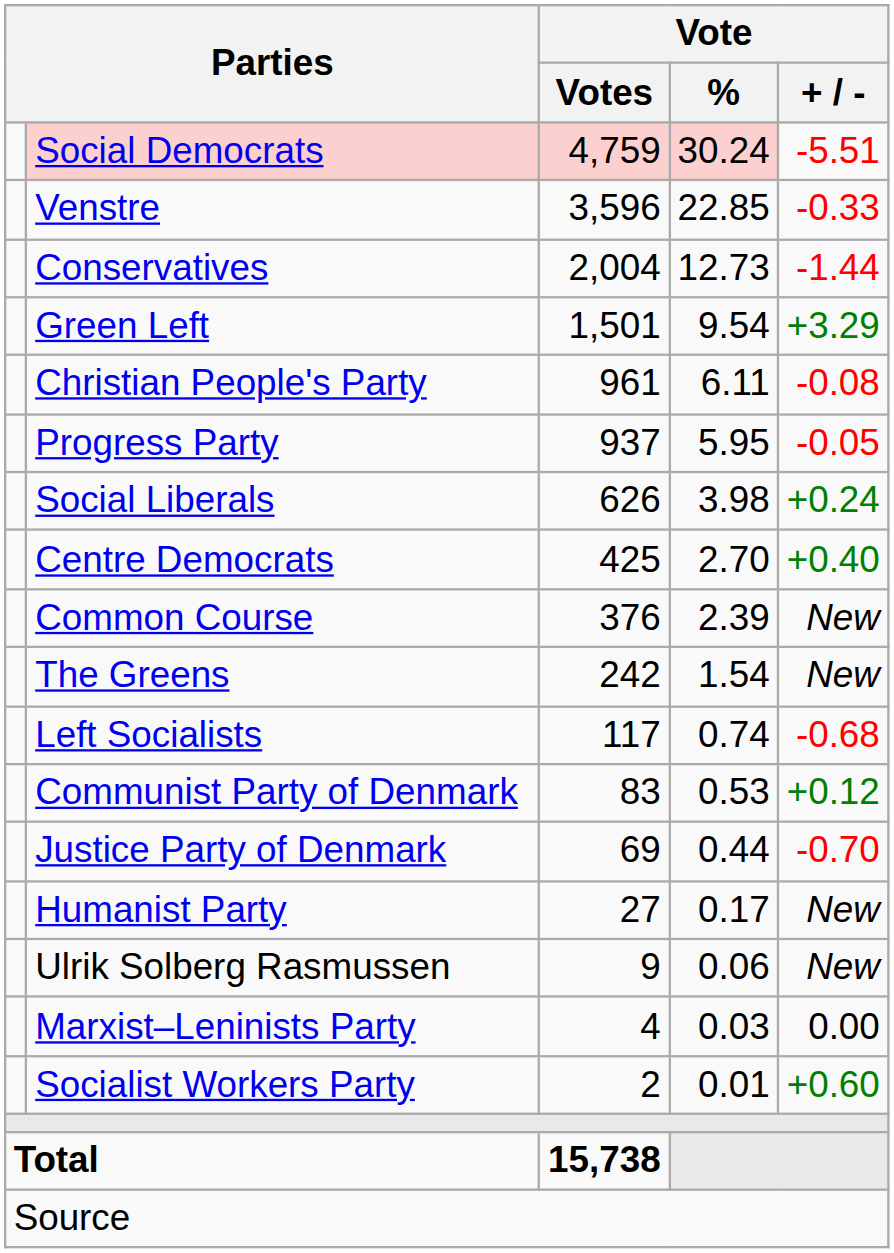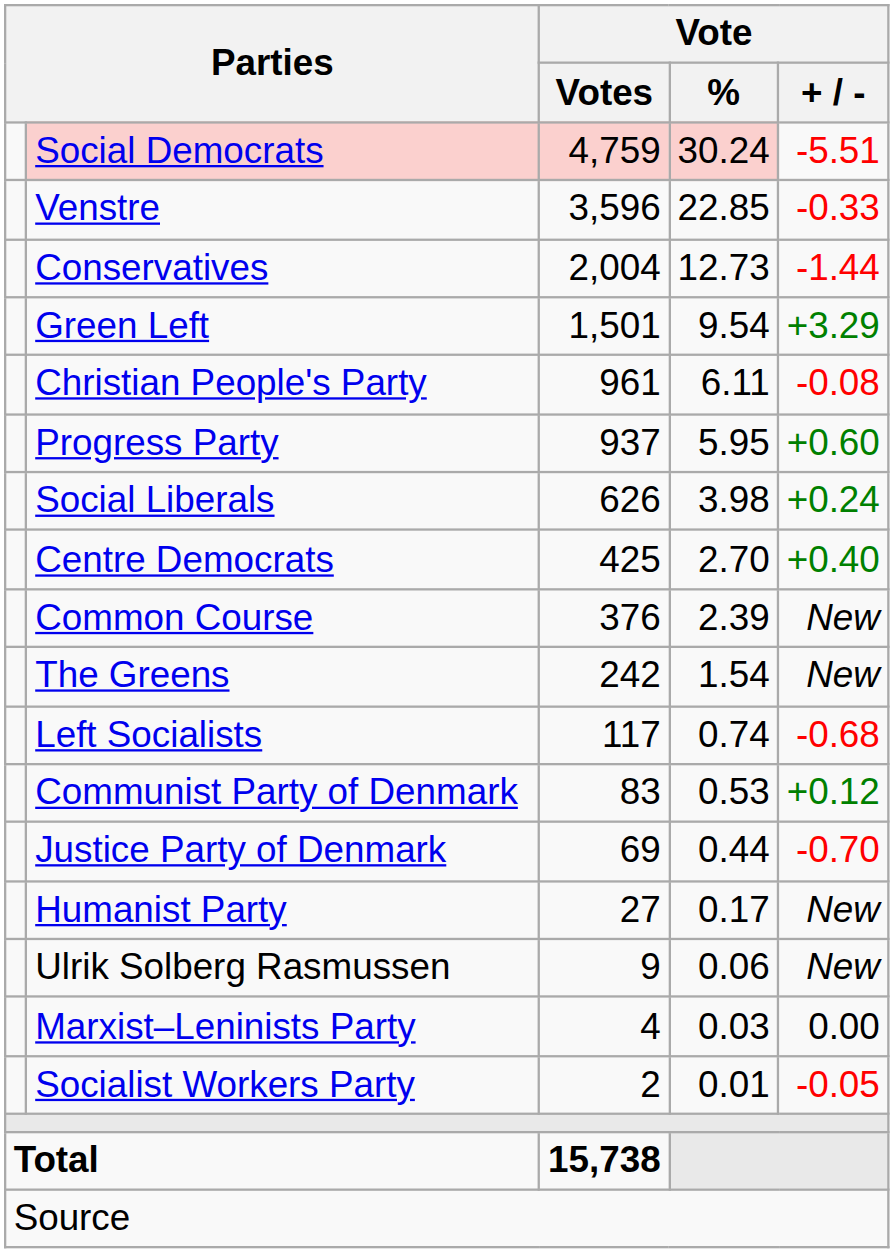 <table class="wikitable" style="text-align:right;">
 <tr>
 <th style="text-align:centre;" rowspan="2" colspan="2" width="225">Parties</th>
 <th colspan="3">Vote</th>
 </tr>
 <tr>
 <th width="15">Votes</th>
 <th width="15">%</th>
 <th width="15">+ / -</th>
 </tr>
 <tr>
 <td width="2" style="color:inherit;background:"></td>
 <td bgcolor=#fbd0ce  align="left"><a href='#'>Social Democrats</a></td>
 <td bgcolor=#fbd0ce>4,759</td>
 <td bgcolor=#fbd0ce>30.24</td>
 <td style=color:red;>-5.51</td>
 </tr>
 <tr>
 <td width="2" style="color:inherit;background:"></td>
 <td align="left"><a href='#'>Venstre</a></td>
 <td>3,596</td>
 <td>22.85</td>
 <td style=color:red;>-0.33</td>
 </tr>
 <tr>
 <td width="2" style="color:inherit;background:"></td>
 <td align="left"><a href='#'>Conservatives</a></td>
 <td>2,004</td>
 <td>12.73</td>
 <td style=color:red;>-1.44</td>
 </tr>
 <tr>
 <td width="2" style="color:inherit;background:"></td>
 <td align="left"><a href='#'>Green Left</a></td>
 <td>1,501</td>
 <td>9.54</td>
 <td style=color:green;>+3.29</td>
 </tr>
 <tr>
 <td width="2" style="color:inherit;background:"></td>
 <td align="left"><a href='#'>Christian People's Party</a></td>
 <td>961</td>
 <td>6.11</td>
 <td style=color:red;>-0.08</td>
 </tr>
 <tr>
 <td width="2" style="color:inherit;background:"></td>
 <td align="left"><a href='#'>Progress Party</a></td>
 <td>937</td>
 <td>5.95</td>
-<td style=color:red;>-0.05</td>
+<td style=color:green;>+0.60</td>
 </tr>
 <tr>
 <td width="2" style="color:inherit;background:"></td>
 <td align="left"><a href='#'>Social Liberals</a></td>
 <td>626</td>
 <td>3.98</td>
 <td style=color:green;>+0.24</td>
 </tr>
 <tr>
 <td width="2" style="color:inherit;background:"></td>
 <td align="left"><a href='#'>Centre Democrats</a></td>
 <td>425</td>
 <td>2.70</td>
 <td style=color:green;>+0.40</td>
 </tr>
 <tr>
 <td width="2" style="color:inherit;background:"></td>
 <td align="left"><a href='#'>Common Course</a></td>
 <td>376</td>
 <td>2.39</td>
 <td><em>New</em></td>
 </tr>
 <tr>
 <td width="2" style="color:inherit;background:"></td>
 <td align="left"><a href='#'>The Greens</a></td>
 <td>242</td>
 <td>1.54</td>
 <td><em>New</em></td>
 </tr>
 <tr>
 <td width="2" style="color:inherit;background:"></td>
 <td align="left"><a href='#'>Left Socialists</a></td>
 <td>117</td>
 <td>0.74</td>
 <td style=color:red;>-0.68</td>
 </tr>
 <tr>
 <td width="2" style="color:inherit;background:"></td>
 <td align="left"><a href='#'>Communist Party of Denmark</a></td>
 <td>83</td>
 <td>0.53</td>
 <td style=color:green;>+0.12</td>
 </tr>
 <tr>
 <td width="2" style="color:inherit;background:"></td>
 <td align="left"><a href='#'>Justice Party of Denmark</a></td>
 <td>69</td>
 <td>0.44</td>
 <td style=color:red;>-0.70</td>
 </tr>
 <tr>
 <td width="2" style="color:inherit;background:"></td>
 <td align="left"><a href='#'>Humanist Party</a></td>
 <td>27</td>
 <td>0.17</td>
 <td><em>New</em></td>
 </tr>
 <tr>
 <td width="2" style="color:inherit;background:"></td>
 <td align="left">Ulrik Solberg Rasmussen</td>
 <td>9</td>
 <td>0.06</td>
 <td><em>New</em></td>
 </tr>
 <tr>
 <td width="2" style="color:inherit;background:"></td>
 <td align="left"><a href='#'>Marxist–Leninists Party</a></td>
 <td>4</td>
 <td>0.03</td>
 <td>0.00</td>
 </tr>
 <tr>
 <td width="2" style="color:inherit;background:"></td>
 <td align="left"><a href='#'>Socialist Workers Party</a></td>
 <td>2</td>
 <td>0.01</td>
-<td style=color:green;>+0.60</td>
+<td style=color:red;>-0.05</td>
 </tr>
 <tr>
 <td colspan="7" bgcolor="#E9E9E9"></td>
 </tr>
 <tr>
 <td align="left" colspan="2"><strong>Total</strong></td>
 <td><strong>15,738</strong></td>
 <td bgcolor="#E9E9E9" colspan="2"></td>
 </tr>
 <tr>
 <td align="left" colspan="6">Source</td>
 </tr>
 </table>
